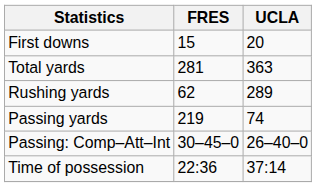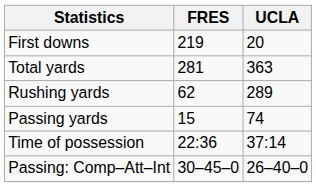 <table class="wikitable" style="float: left;">
 <tr>
 <th>Statistics</th>
 <th>FRES</th>
 <th>UCLA</th>
 </tr>
 <tr>
 <td>First downs</td>
-<td>15</td>
+<td>219</td>
 <td>20</td>
 </tr>
 <tr>
 <td>Total yards</td>
 <td>281</td>
 <td>363</td>
 </tr>
 <tr>
 <td>Rushing yards</td>
 <td>62</td>
 <td>289</td>
 </tr>
 <tr>
 <td>Passing yards</td>
-<td>219</td>
+<td>15</td>
 <td>74</td>
+</tr>
+<tr>
+<td>Time of possession</td>
+<td>22:36</td>
+<td>37:14</td>
 </tr>
 <tr>
 <td>Passing: Comp–Att–Int</td>
 <td>30–45–0</td>
 <td>26–40–0</td>
 </tr>
 <tr>
-<td>Time of possession</td>
-<td>22:36</td>
-<td>37:14</td>
-</tr>
-<tr>
 </tr>
 </table>
